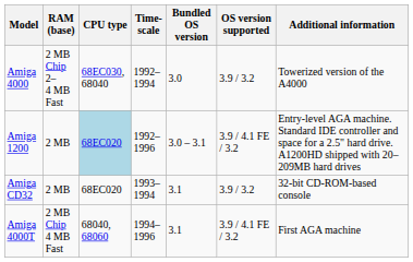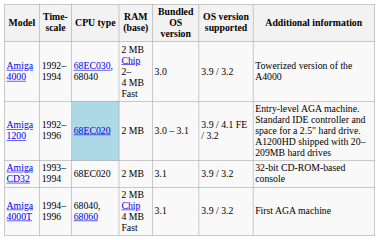 <table class="wikitable">
 <tr>
 <th>Model</th>
+<th>Time­scale</th>
+<th>CPU type</th>
 <th>RAM (base)</th>
-<th>CPU type</th>
-<th>Time­scale</th>
 <th>Bundled OS version</th>
 <th>OS version supported</th>
 <th>Additional information</th>
 </tr>
 <tr>
 <td><a href='#'>Amiga 4000</a></td>
+<td>1992–1994</td>
+<td><a href='#'>68EC030</a>, 68040</td>
 <td>2 MB <a href='#'>Chip</a><br>2–4 MB Fast</td>
-<td><a href='#'>68EC030</a>, 68040</td>
-<td>1992–1994</td>
 <td>3.0</td>
 <td>3.9 / 3.2</td>
 <td>Towerized version of the A4000</td>
 </tr>
 <tr>
 <td><a href='#'>Amiga 1200</a></td>
+<td>1992–1996</td>
+<td style="background: lightblue;"><a href='#'>68EC020</a></td>
 <td>2 MB</td>
-<td style="background: lightblue;"><a href='#'>68EC020</a></td>
-<td>1992–1996</td>
 <td>3.0 – 3.1</td>
 <td>3.9 / 4.1 FE / 3.2</td>
 <td>Entry-level AGA machine. Standard IDE controller and space for a 2.5" hard drive. A1200HD shipped with 20–209MB hard drives</td>
 </tr>
 <tr>
 <td><a href='#'>Amiga CD32</a></td>
+<td>1993–1994</td>
+<td>68EC020</td>
 <td>2 MB</td>
-<td>68EC020</td>
-<td>1993–1994</td>
 <td>3.1</td>
 <td>3.9 / 3.2</td>
 <td>32-bit CD-ROM-based console</td>
 </tr>
 <tr>
 <td><a href='#'>Amiga 4000T</a></td>
+<td>1994–1996</td>
+<td>68040, <a href='#'>68060</a></td>
 <td>2 MB <a href='#'>Chip</a><br>4 MB Fast</td>
-<td>68040, <a href='#'>68060</a></td>
-<td>1994–1996</td>
 <td>3.1</td>
-<td>3.9 / 4.1 FE / 3.2</td>
+<td>3.9 / 3.2</td>
 <td>First AGA machine</td>
 </tr>
 </table>
